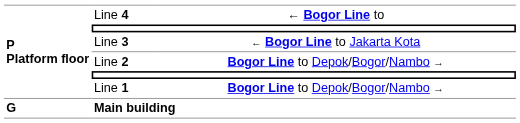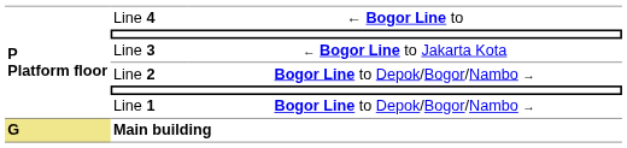 <table cellspacing="0" cellpadding="3">
 <tr>
 <td colspan="3"> </td>
 </tr>
 <tr>
 <td rowspan="6" style="border-top:solid 1px gray;"><strong>P<br>Platform floor</strong></td>
 <td style="border-top:solid 1px gray;">Line <strong>4</strong></td>
 <td style="text-align:center; border-top:solid 1px gray;">←   <strong><a href='#'>Bogor Line</a></strong> to </td>
 </tr>
 <tr>
 <td colspan="2" style="border-top:solid 2px black;border-right:solid 2px black;border-left:solid 2px black;border-bottom:solid 2px black;text-align:center;"></td>
 </tr>
 <tr>
 <td width="50" style="border-bottom:solid 1px gray;">Line <strong>3</strong></td>
 <td style="border-bottom:solid 1px gray; text-align:center" width="450"><small>←</small>    <strong><a href='#'>Bogor Line</a></strong> to <a href='#'>Jakarta Kota</a></td>
 </tr>
 <tr>
 <td>Line <strong>2</strong></td>
 <td style="text-align:center"> <strong><a href='#'>Bogor Line</a></strong> to <a href='#'>Depok</a>/<a href='#'>Bogor</a>/<a href='#'>Nambo</a>  <small>→</small></td>
 </tr>
 <tr>
 <td colspan="2" style="border-top:solid 2px black;border-right:solid 2px black;border-left:solid 2px black;border-bottom:solid 2px black;text-align:center;"></td>
 </tr>
 <tr>
 <td width="75">Line <strong>1</strong></td>
 <td style="text-align:center;"> <strong><a href='#'>Bogor Line</a></strong> to <a href='#'>Depok</a>/<a href='#'>Bogor</a>/<a href='#'>Nambo</a>  <small>→</small></td>
 </tr>
 <tr>
-<td style="border-bottom:solid 1px gray; border-top:solid 1px gray;"><strong>G</strong></td>
+<td style="background: khaki; border-bottom:solid 1px gray; border-top:solid 1px gray;"><strong>G</strong></td>
 <td colspan="2" style="border-bottom:solid 1px gray; border-top:solid 1px gray;"><strong>Main building</strong></td>
 </tr>
 <tr>
 </tr>
 </table>
